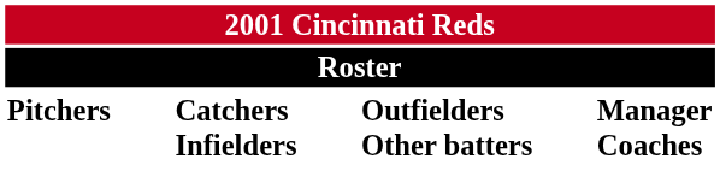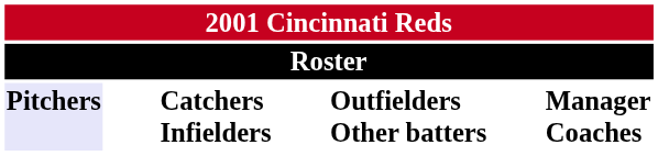 <table class="toccolours" style="font-size: 95%;">
 <tr>
 <th colspan="10" style="background-color: #c6011f; color: #FFFFFF; text-align: center;">2001 Cincinnati Reds</th>
 </tr>
 <tr>
 <td colspan="10" style="background-color: black; color: #FFFFFF; text-align: center;"><strong>Roster</strong></td>
 </tr>
 <tr>
-<td valign="top"><strong>Pitchers</strong><br>                        </td>
+<td valign="top" style="background: lavender;"><strong>Pitchers</strong><br>                        </td>
 <td width="25px"></td>
 <td valign="top"><strong>Catchers</strong><br>   <strong>Infielders</strong>           </td>
 <td width="25px"></td>
 <td valign="top"><strong>Outfielders</strong><br>          <strong>Other batters</strong> </td>
 <td width="25px"></td>
 <td valign="top"><strong>Manager</strong><br> <strong>Coaches</strong>      </td>
 </tr>
 </table>
